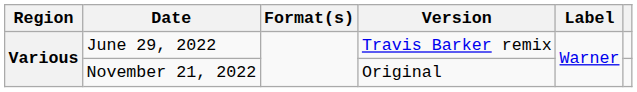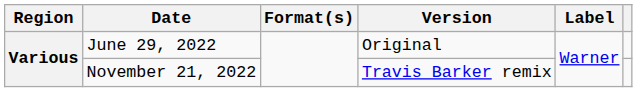 <table class="wikitable plainrowheaders">
 <tr>
 <th scope="col">Region</th>
 <th scope="col">Date</th>
 <th scope="col">Format(s)</th>
 <th scope="col">Version</th>
 <th scope="col">Label</th>
 <th scope="col"></th>
 </tr>
 <tr>
 <th rowspan="2" scope="row">Various</th>
 <td>June 29, 2022</td>
 <td rowspan="2"></td>
-<td><a href='#'>Travis Barker</a> remix</td>
+<td>Original</td>
 <td rowspan="2"><a href='#'>Warner</a></td>
 <td style="text-align:center;"></td>
 </tr>
 <tr>
 <td>November 21, 2022</td>
-<td>Original</td>
+<td><a href='#'>Travis Barker</a> remix</td>
 <td style="text-align:center;"></td>
 </tr>
 </table>
